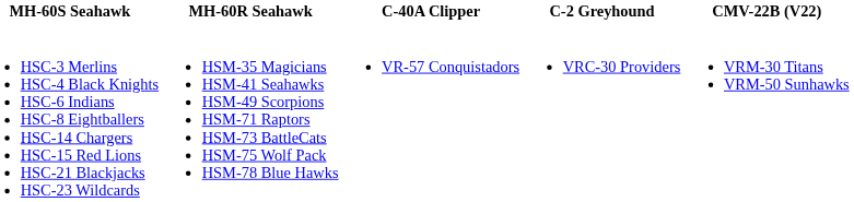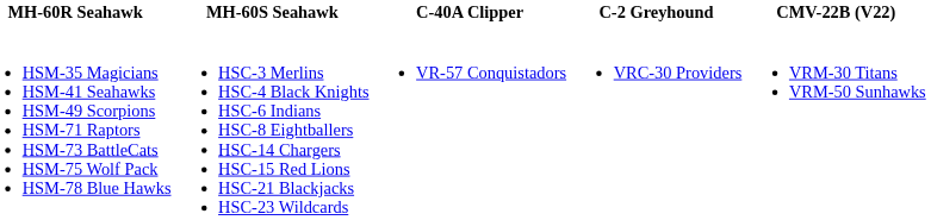 <table>
 <tr>
+<th>MH-60R Seahawk</th>
 <th>MH-60S Seahawk</th>
-<th>MH-60R Seahawk</th>
 <th>C-40A Clipper</th>
 <th>C-2 Greyhound</th>
 <th>CMV-22B (V22)</th>
 </tr>
 <tr>
+<td valign="top"><br><ul><li><a href='#'>HSM-35 Magicians</a></li><li><a href='#'>HSM-41 Seahawks</a></li><li><a href='#'>HSM-49 Scorpions</a></li><li><a href='#'>HSM-71 Raptors</a></li><li><a href='#'>HSM-73 BattleCats</a></li><li><a href='#'>HSM-75 Wolf Pack</a></li><li><a href='#'>HSM-78 Blue Hawks</a></li></ul></td>
 <td valign="top"><br><ul><li><a href='#'>HSC-3 Merlins</a></li><li><a href='#'>HSC-4 Black Knights</a></li><li><a href='#'>HSC-6 Indians</a></li><li><a href='#'>HSC-8 Eightballers</a></li><li><a href='#'>HSC-14 Chargers</a></li><li><a href='#'>HSC-15 Red Lions</a></li><li><a href='#'>HSC-21 Blackjacks</a></li><li><a href='#'>HSC-23 Wildcards</a></li></ul></td>
-<td valign="top"><br><ul><li><a href='#'>HSM-35 Magicians</a></li><li><a href='#'>HSM-41 Seahawks</a></li><li><a href='#'>HSM-49 Scorpions</a></li><li><a href='#'>HSM-71 Raptors</a></li><li><a href='#'>HSM-73 BattleCats</a></li><li><a href='#'>HSM-75 Wolf Pack</a></li><li><a href='#'>HSM-78 Blue Hawks</a></li></ul></td>
 <td valign="top"><br><ul><li><a href='#'>VR-57 Conquistadors</a></li></ul></td>
 <td valign="top"><br><ul><li><a href='#'>VRC-30 Providers</a></li></ul></td>
 <td valign="top"><br><ul><li><a href='#'>VRM-30 Titans</a></li><li><a href='#'>VRM-50 Sunhawks</a></li></ul></td>
 </tr>
 </table>
